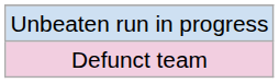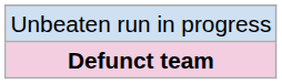 <table class="wikitable" style="text-align: center; font-size:95%">
 <tr>
 </tr>
 <tr>
 <td style="background: #CEE0F2">Unbeaten run in progress</td>
 </tr>
 <tr>
-<td style="background: #F2CEE0">Defunct team</td>
+<td style="background: #F2CEE0"><strong>Defunct team</strong></td>
 </tr>
 </table>
